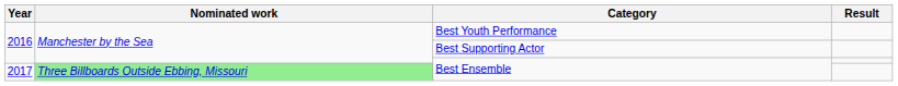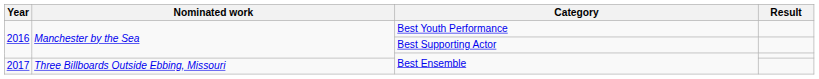 <table class="wikitable">
 <tr>
 <th scope="col" style="width:1em;">Year</th>
 <th scope="col" style="width:35em;">Nominated work</th>
 <th scope="col" style="width:35em;">Category</th>
 <th scope="col" style="width:5em;">Result</th>
 </tr>
 <tr>
 <td rowspan="3"><a href='#'>2016</a></td>
 <td rowspan="3"><em><a href='#'>Manchester by the Sea</a></em></td>
 <td><a href='#'>Best Youth Performance</a></td>
 <td></td>
 </tr>
 <tr>
 <td><a href='#'>Best Supporting Actor</a></td>
 <td></td>
 </tr>
 <tr>
 <td rowspan="2"><a href='#'>Best Ensemble</a></td>
 <td></td>
 </tr>
 <tr>
 <td><a href='#'>2017</a></td>
-<td style="background: lightgreen;"><em><a href='#'>Three Billboards Outside Ebbing, Missouri</a></em></td>
+<td><em><a href='#'>Three Billboards Outside Ebbing, Missouri</a></em></td>
 <td></td>
 </tr>
 </table>
